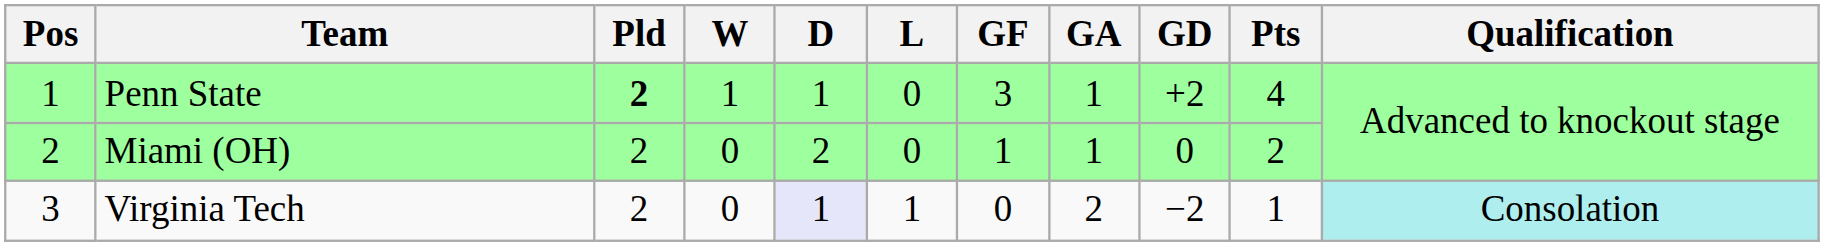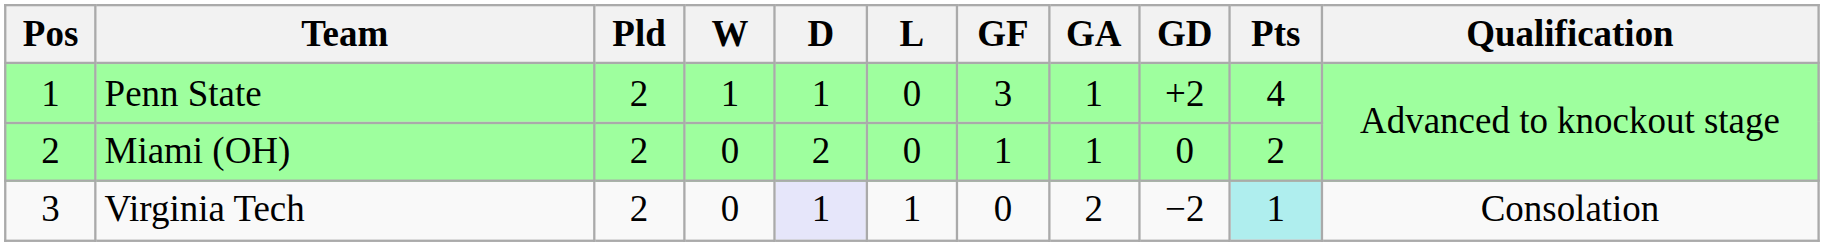 <table class="wikitable" style="text-align:center; margin: 1em auto">
 <tr>
 <th style="width:2em">Pos</th>
 <th style="width:13em">Team</th>
 <th style="width:2em">Pld</th>
 <th style="width:2em">W</th>
 <th style="width:2em">D</th>
 <th style="width:2em">L</th>
 <th style="width:2em">GF</th>
 <th style="width:2em">GA</th>
 <th style="width:2em">GD</th>
 <th style="width:2em">Pts</th>
 <th style="width:13em">Qualification</th>
 </tr>
 <tr bgcolor="#9eff9e">
 <td>1</td>
 <td style="text-align:left">Penn State</td>
-<td><strong>2</strong></td>
+<td>2</td>
 <td>1</td>
 <td>1</td>
 <td>0</td>
 <td>3</td>
 <td>1</td>
 <td>+2</td>
 <td>4</td>
 <td rowspan="2">Advanced to knockout stage</td>
 </tr>
 <tr bgcolor="#9eff9e">
 <td>2</td>
 <td style="text-align:left">Miami (OH)</td>
 <td>2</td>
 <td>0</td>
 <td>2</td>
 <td>0</td>
 <td>1</td>
 <td>1</td>
 <td>0</td>
 <td>2</td>
 </tr>
 <tr>
 <td>3</td>
 <td style="text-align:left">Virginia Tech</td>
 <td>2</td>
 <td>0</td>
 <td style="background: lavender;">1</td>
 <td>1</td>
 <td>0</td>
 <td>2</td>
 <td>−2</td>
-<td>1</td>
-<td style="background: paleturquoise;">Consolation</td>
+<td style="background: paleturquoise;">1</td>
+<td>Consolation</td>
 </tr>
 </table>
